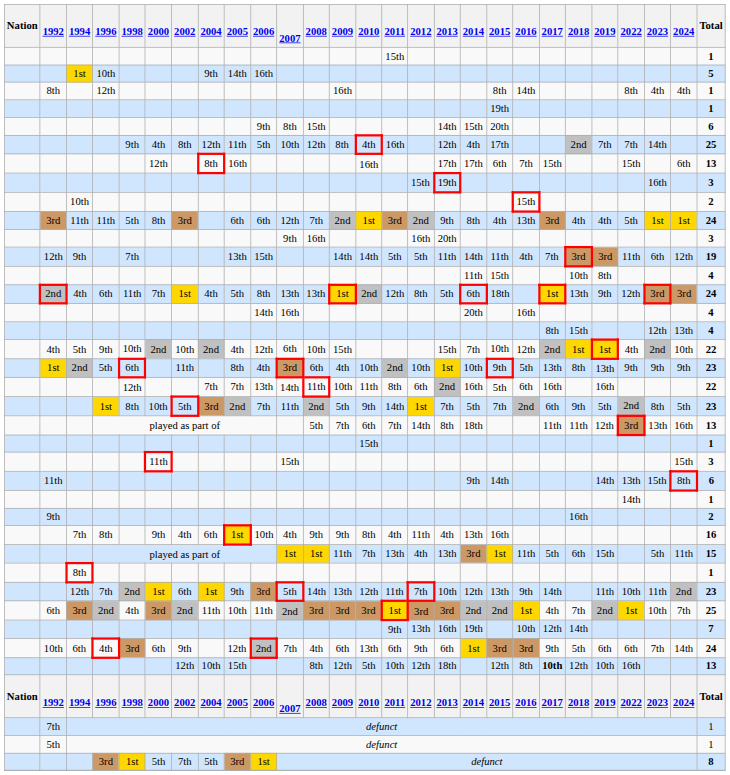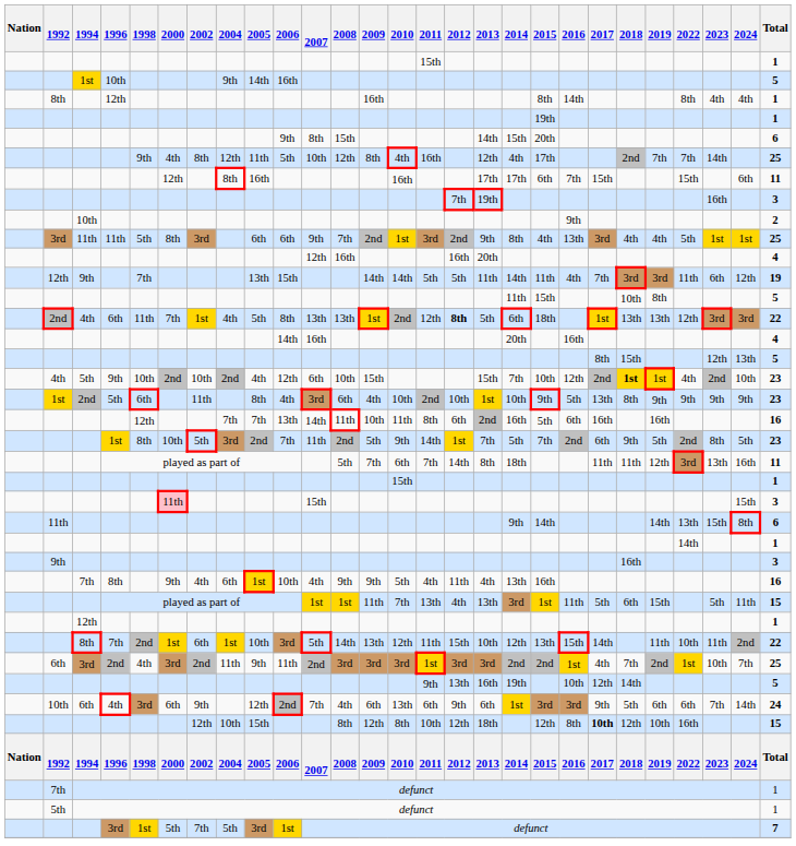 <table class="wikitable" style="text-align:center; font-size:90%">
 <tr>
 <th width=170>Nation</th>
 <th><br><a href='#'>1992</a></th>
 <th><br><a href='#'>1994</a></th>
 <th><br><a href='#'>1996</a></th>
 <th><br><a href='#'>1998</a></th>
 <th><br><a href='#'>2000</a></th>
 <th><br><a href='#'>2002</a></th>
 <th><br><a href='#'>2004</a></th>
 <th><br><a href='#'>2005</a></th>
 <th><br><a href='#'>2006</a></th>
 <th><br><br><a href='#'>2007</a></th>
 <th><br><a href='#'>2008</a></th>
 <th><br><a href='#'>2009</a></th>
 <th><br><a href='#'>2010</a></th>
 <th><br><a href='#'>2011</a></th>
 <th><br><a href='#'>2012</a></th>
 <th><br><a href='#'>2013</a></th>
 <th><br><a href='#'>2014</a></th>
 <th><br><a href='#'>2015</a></th>
 <th><br><a href='#'>2016</a></th>
 <th><br><a href='#'>2017</a></th>
 <th><br><a href='#'>2018</a></th>
 <th><br><a href='#'>2019</a></th>
 <th><br><a href='#'>2022</a></th>
 <th><br><a href='#'>2023</a></th>
 <th><br><a href='#'>2024</a></th>
 <th>Total</th>
 </tr>
 <tr>
 <td align="left"></td>
 <td></td>
 <td></td>
 <td></td>
 <td></td>
 <td></td>
 <td></td>
 <td></td>
 <td></td>
 <td></td>
 <td></td>
 <td></td>
 <td></td>
 <td></td>
 <td>15th</td>
 <td></td>
 <td></td>
 <td></td>
 <td></td>
 <td></td>
 <td></td>
 <td></td>
 <td></td>
 <td></td>
 <td></td>
 <td></td>
 <td><strong>1</strong></td>
 </tr>
 <tr style="background:#D0E6FF;">
 <td align="left"></td>
 <td></td>
 <td bgcolor=gold>1st</td>
 <td>10th</td>
 <td></td>
 <td></td>
 <td></td>
 <td>9th</td>
 <td>14th</td>
 <td>16th</td>
 <td></td>
 <td></td>
 <td></td>
 <td></td>
 <td></td>
 <td></td>
 <td></td>
 <td></td>
 <td></td>
 <td></td>
 <td></td>
 <td></td>
 <td></td>
 <td></td>
 <td></td>
 <td></td>
 <td><strong>5</strong></td>
 </tr>
 <tr>
 <td align="left"></td>
 <td>8th</td>
 <td></td>
 <td>12th</td>
 <td></td>
 <td></td>
 <td></td>
 <td></td>
 <td></td>
 <td></td>
 <td></td>
 <td></td>
 <td>16th</td>
 <td></td>
 <td></td>
 <td></td>
 <td></td>
 <td></td>
 <td>8th</td>
 <td>14th</td>
 <td></td>
 <td></td>
 <td></td>
 <td>8th</td>
 <td>4th</td>
 <td>4th</td>
 <td><strong>1</strong></td>
 </tr>
 <tr style="background:#D0E6FF;">
 <td align="left"></td>
 <td></td>
 <td></td>
 <td></td>
 <td></td>
 <td></td>
 <td></td>
 <td></td>
 <td></td>
 <td></td>
 <td></td>
 <td></td>
 <td></td>
 <td></td>
 <td></td>
 <td></td>
 <td></td>
 <td></td>
 <td>19th</td>
 <td></td>
 <td></td>
 <td></td>
 <td></td>
 <td></td>
 <td></td>
 <td></td>
 <td><strong>1</strong></td>
 </tr>
 <tr>
 <td align="left"></td>
 <td></td>
 <td></td>
 <td></td>
 <td></td>
 <td></td>
 <td></td>
 <td></td>
 <td></td>
 <td>9th</td>
 <td>8th</td>
 <td>15th</td>
 <td></td>
 <td></td>
 <td></td>
 <td></td>
 <td>14th</td>
 <td>15th</td>
 <td>20th</td>
 <td></td>
 <td></td>
 <td></td>
 <td></td>
 <td></td>
 <td></td>
 <td></td>
 <td><strong>6</strong></td>
 </tr>
 <tr style="background:#D0E6FF;">
 <td align="left"></td>
 <td></td>
 <td></td>
 <td></td>
 <td>9th</td>
 <td>4th</td>
 <td>8th</td>
 <td>12th</td>
 <td>11th</td>
 <td>5th</td>
 <td>10th</td>
 <td>12th</td>
 <td>8th</td>
 <td style="border: 3px solid red">4th</td>
 <td>16th</td>
 <td></td>
 <td>12th</td>
 <td>4th</td>
 <td>17th</td>
 <td></td>
 <td></td>
 <td bgcolor=silver>2nd</td>
 <td>7th</td>
 <td>7th</td>
 <td>14th</td>
 <td></td>
 <td><strong>25</strong></td>
 </tr>
 <tr>
 <td align="left"></td>
 <td></td>
 <td></td>
 <td></td>
 <td></td>
 <td>12th</td>
 <td></td>
 <td style="border: 3px solid red">8th</td>
 <td>16th</td>
 <td></td>
 <td></td>
 <td></td>
 <td></td>
 <td>16th</td>
 <td></td>
 <td></td>
 <td>17th</td>
 <td>17th</td>
 <td>6th</td>
 <td>7th</td>
 <td>15th</td>
 <td></td>
 <td></td>
 <td>15th</td>
 <td></td>
 <td>6th</td>
-<td><strong>13</strong></td>
+<td><strong>11</strong></td>
 </tr>
 <tr style="background:#D0E6FF;">
 <td align="left"></td>
 <td></td>
 <td></td>
 <td></td>
 <td></td>
 <td></td>
 <td></td>
 <td></td>
 <td></td>
 <td></td>
 <td></td>
 <td></td>
 <td></td>
 <td></td>
 <td></td>
-<td>15th</td>
+<td style="border: 3px solid red">7th</td>
 <td style="border: 3px solid red">19th</td>
 <td></td>
 <td></td>
 <td></td>
 <td></td>
 <td></td>
 <td></td>
 <td></td>
 <td>16th</td>
 <td></td>
 <td><strong>3</strong></td>
 </tr>
 <tr>
 <td align="left"></td>
 <td></td>
 <td>10th</td>
 <td></td>
 <td></td>
 <td></td>
 <td></td>
 <td></td>
 <td></td>
 <td></td>
 <td></td>
 <td></td>
 <td></td>
 <td></td>
 <td></td>
 <td></td>
 <td></td>
 <td></td>
 <td></td>
-<td style="border: 3px solid red">15th</td>
+<td>9th</td>
 <td></td>
 <td></td>
 <td></td>
 <td></td>
 <td></td>
 <td></td>
 <td><strong>2</strong></td>
 </tr>
 <tr style="background:#D0E6FF;">
 <td align="left"></td>
 <td bgcolor="#cc9966">3rd</td>
 <td>11th</td>
 <td>11th</td>
 <td>5th</td>
 <td>8th</td>
 <td bgcolor="#cc9966">3rd</td>
 <td></td>
 <td>6th</td>
 <td>6th</td>
-<td>12th</td>
+<td>9th</td>
 <td>7th</td>
 <td bgcolor=silver>2nd</td>
 <td bgcolor="gold">1st</td>
 <td bgcolor="#cc9966">3rd</td>
 <td bgcolor=silver>2nd</td>
 <td>9th</td>
 <td>8th</td>
 <td>4th</td>
 <td>13th</td>
 <td bgcolor="#cc9966">3rd</td>
 <td>4th</td>
 <td>4th</td>
 <td>5th</td>
 <td bgcolor="gold">1st</td>
 <td bgcolor="gold">1st</td>
-<td><strong>24</strong></td>
+<td><strong>25</strong></td>
 </tr>
 <tr>
 <td align="left"></td>
 <td></td>
 <td></td>
 <td></td>
 <td></td>
 <td></td>
 <td></td>
 <td></td>
 <td></td>
 <td></td>
-<td>9th</td>
+<td>12th</td>
 <td>16th</td>
 <td></td>
 <td></td>
 <td></td>
 <td>16th</td>
 <td>20th</td>
 <td></td>
 <td></td>
 <td></td>
 <td></td>
 <td></td>
 <td></td>
 <td></td>
 <td></td>
 <td></td>
-<td><strong>3</strong></td>
+<td><strong>4</strong></td>
 </tr>
 <tr style="background:#D0E6FF;">
 <td align="left"></td>
 <td>12th</td>
 <td>9th</td>
 <td></td>
 <td>7th</td>
 <td></td>
 <td></td>
 <td></td>
 <td>13th</td>
 <td>15th</td>
 <td></td>
 <td></td>
 <td>14th</td>
 <td>14th</td>
 <td>5th</td>
 <td>5th</td>
 <td>11th</td>
 <td>14th</td>
 <td>11th</td>
 <td>4th</td>
 <td>7th</td>
 <td style="border: 3px solid red" bgcolor="#cc9966">3rd</td>
 <td bgcolor="#cc9966">3rd</td>
 <td>11th</td>
 <td>6th</td>
 <td>12th</td>
 <td><strong>19</strong></td>
 </tr>
 <tr>
 <td align="left"></td>
 <td></td>
 <td></td>
 <td></td>
 <td></td>
 <td></td>
 <td></td>
 <td></td>
 <td></td>
 <td></td>
 <td></td>
 <td></td>
 <td></td>
 <td></td>
 <td></td>
 <td></td>
 <td></td>
 <td>11th</td>
 <td>15th</td>
 <td></td>
 <td></td>
 <td>10th</td>
 <td>8th</td>
 <td></td>
 <td></td>
 <td></td>
-<td><strong>4</strong></td>
+<td><strong>5</strong></td>
 </tr>
 <tr style="background:#D0E6FF;">
 <td align="left"></td>
 <td style="border: 3px solid red" bgcolor=silver>2nd</td>
 <td>4th</td>
 <td>6th</td>
 <td>11th</td>
 <td>7th</td>
 <td bgcolor=gold>1st</td>
 <td>4th</td>
 <td>5th</td>
 <td>8th</td>
 <td>13th</td>
 <td>13th</td>
 <td style="border: 3px solid red" bgcolor="gold">1st</td>
 <td bgcolor=silver>2nd</td>
 <td>12th</td>
-<td>8th</td>
+<td><strong>8th</strong></td>
 <td>5th</td>
 <td style="border: 3px solid red">6th</td>
 <td>18th</td>
 <td></td>
 <td style="border: 3px solid red" bgcolor=gold>1st</td>
 <td>13th</td>
-<td>9th</td>
+<td>13th</td>
 <td>12th</td>
 <td style="border: 3px solid red" bgcolor="#cc9966">3rd</td>
 <td bgcolor="#cc9966">3rd</td>
-<td><strong>24</strong></td>
+<td><strong>22</strong></td>
 </tr>
 <tr>
 <td align="left"></td>
 <td></td>
 <td></td>
 <td></td>
 <td></td>
 <td></td>
 <td></td>
 <td></td>
 <td></td>
 <td>14th</td>
 <td>16th</td>
 <td></td>
 <td></td>
 <td></td>
 <td></td>
 <td></td>
 <td></td>
 <td>20th</td>
 <td></td>
 <td>16th</td>
 <td></td>
 <td></td>
 <td></td>
 <td></td>
 <td></td>
 <td></td>
 <td><strong>4</strong></td>
 </tr>
 <tr style="background:#D0E6FF;">
 <td align="left"></td>
 <td></td>
 <td></td>
 <td></td>
 <td></td>
 <td></td>
 <td></td>
 <td></td>
 <td></td>
 <td></td>
 <td></td>
 <td></td>
 <td></td>
 <td></td>
 <td></td>
 <td></td>
 <td></td>
 <td></td>
 <td></td>
 <td></td>
 <td>8th</td>
 <td>15th</td>
 <td></td>
 <td></td>
 <td>12th</td>
 <td>13th</td>
-<td><strong>4</strong></td>
+<td><strong>5</strong></td>
 </tr>
 <tr>
 <td align="left"></td>
 <td>4th</td>
 <td>5th</td>
 <td>9th</td>
 <td>10th</td>
 <td bgcolor=silver>2nd</td>
 <td>10th</td>
 <td bgcolor=silver>2nd</td>
 <td>4th</td>
 <td>12th</td>
 <td>6th</td>
 <td>10th</td>
 <td>15th</td>
 <td></td>
 <td></td>
 <td></td>
 <td>15th</td>
 <td>7th</td>
 <td>10th</td>
 <td>12th</td>
 <td bgcolor=silver>2nd</td>
-<td bgcolor=gold>1st</td>
+<td bgcolor=gold><strong>1st</strong></td>
 <td style="border: 3px solid red" bgcolor=gold>1st</td>
 <td>4th</td>
 <td bgcolor=silver>2nd</td>
 <td>10th</td>
-<td><strong>22</strong></td>
+<td><strong>23</strong></td>
 </tr>
 <tr style="background:#D0E6FF;">
 <td align="left"></td>
 <td bgcolor="gold">1st</td>
 <td bgcolor=silver>2nd</td>
 <td>5th</td>
 <td style="border: 3px solid red">6th</td>
 <td></td>
 <td>11th</td>
 <td></td>
 <td>8th</td>
 <td>4th</td>
 <td style="border: 3px solid red" bgcolor="#cc9966">3rd</td>
 <td>6th</td>
 <td>4th</td>
 <td>10th</td>
 <td bgcolor=silver>2nd</td>
 <td>10th</td>
 <td bgcolor="gold">1st</td>
 <td>10th</td>
 <td style="border: 3px solid red">9th</td>
 <td>5th</td>
 <td>13th</td>
 <td>8th</td>
-<td>13th</td>
+<td>9th</td>
 <td>9th</td>
 <td>9th</td>
 <td>9th</td>
 <td><strong>23</strong></td>
 </tr>
 <tr>
 <td align="left"></td>
 <td></td>
 <td></td>
 <td></td>
 <td>12th</td>
 <td></td>
 <td></td>
 <td>7th</td>
 <td>7th</td>
 <td>13th</td>
 <td>14th</td>
 <td style="border: 3px solid red">11th</td>
 <td>10th</td>
 <td>11th</td>
 <td>8th</td>
 <td>6th</td>
 <td bgcolor=silver>2nd</td>
 <td>16th</td>
 <td>5th</td>
 <td>6th</td>
 <td>16th</td>
 <td></td>
 <td>16th</td>
 <td></td>
 <td></td>
 <td></td>
-<td><strong>22</strong></td>
+<td><strong>16</strong></td>
 </tr>
 <tr style="background:#D0E6FF;">
 <td align="left"></td>
 <td></td>
 <td></td>
 <td bgcolor="gold">1st</td>
 <td>8th</td>
 <td>10th</td>
 <td style="border: 3px solid red">5th</td>
 <td bgcolor="#cc9966">3rd</td>
 <td bgcolor=silver>2nd</td>
 <td>7th</td>
 <td>11th</td>
 <td bgcolor=silver>2nd</td>
 <td>5th</td>
 <td>9th</td>
 <td>14th</td>
 <td bgcolor="gold">1st</td>
 <td>7th</td>
 <td>5th</td>
 <td>7th</td>
 <td bgcolor=silver>2nd</td>
 <td>6th</td>
 <td>9th</td>
 <td>5th</td>
 <td bgcolor=silver>2nd</td>
 <td>8th</td>
 <td>5th</td>
 <td><strong>23</strong></td>
 </tr>
 <tr>
 <td align="left"></td>
 <td></td>
 <td></td>
 <td colspan="7">played as part of </td>
 <td></td>
 <td>5th</td>
 <td>7th</td>
 <td>6th</td>
 <td>7th</td>
 <td>14th</td>
 <td>8th</td>
 <td>18th</td>
 <td></td>
 <td></td>
 <td>11th</td>
 <td>11th</td>
 <td>12th</td>
 <td style="border: 3px solid red" bgcolor="#cc9966">3rd</td>
 <td>13th</td>
 <td>16th</td>
-<td><strong>13</strong></td>
+<td><strong>11</strong></td>
 </tr>
 <tr style="background:#D0E6FF;">
 <td align="left"></td>
 <td></td>
 <td></td>
 <td></td>
 <td></td>
 <td></td>
 <td></td>
 <td></td>
 <td></td>
 <td></td>
 <td></td>
 <td></td>
 <td></td>
 <td>15th</td>
 <td></td>
 <td></td>
 <td></td>
 <td></td>
 <td></td>
 <td></td>
 <td></td>
 <td></td>
 <td></td>
 <td></td>
 <td></td>
 <td></td>
 <td><strong>1</strong></td>
 </tr>
 <tr>
 <td align="left"></td>
 <td></td>
 <td></td>
 <td></td>
 <td></td>
-<td style="border: 3px solid red">11th</td>
+<td style="background: pink; border: 3px solid red">11th</td>
 <td></td>
 <td></td>
 <td></td>
 <td></td>
 <td>15th</td>
 <td></td>
 <td></td>
 <td></td>
 <td></td>
 <td></td>
 <td></td>
 <td></td>
 <td></td>
 <td></td>
 <td></td>
 <td></td>
 <td></td>
 <td></td>
 <td></td>
 <td>15th</td>
 <td><strong>3</strong></td>
 </tr>
 <tr style="background:#D0E6FF;">
 <td align="left"></td>
 <td>11th</td>
 <td></td>
 <td></td>
 <td></td>
 <td></td>
 <td></td>
 <td></td>
 <td></td>
 <td></td>
 <td></td>
 <td></td>
 <td></td>
 <td></td>
 <td></td>
 <td></td>
 <td></td>
 <td>9th</td>
 <td>14th</td>
 <td></td>
 <td></td>
 <td></td>
 <td>14th</td>
 <td>13th</td>
 <td>15th</td>
 <td style="border: 3px solid red">8th</td>
 <td><strong>6</strong></td>
 </tr>
 <tr>
 <td align="left"></td>
 <td></td>
 <td></td>
 <td></td>
 <td></td>
 <td></td>
 <td></td>
 <td></td>
 <td></td>
 <td></td>
 <td></td>
 <td></td>
 <td></td>
 <td></td>
 <td></td>
 <td></td>
 <td></td>
 <td></td>
 <td></td>
 <td></td>
 <td></td>
 <td></td>
 <td></td>
 <td>14th</td>
 <td></td>
 <td></td>
 <td><strong>1</strong></td>
 </tr>
 <tr style="background:#D0E6FF;">
 <td align="left"></td>
 <td>9th</td>
 <td></td>
 <td></td>
 <td></td>
 <td></td>
 <td></td>
 <td></td>
 <td></td>
 <td></td>
 <td></td>
 <td></td>
 <td></td>
 <td></td>
 <td></td>
 <td></td>
 <td></td>
 <td></td>
 <td></td>
 <td></td>
 <td></td>
 <td>16th</td>
 <td></td>
 <td></td>
 <td></td>
 <td></td>
-<td><strong>2</strong></td>
+<td><strong>3</strong></td>
 </tr>
 <tr>
 <td align="left"></td>
 <td></td>
 <td>7th</td>
 <td>8th</td>
 <td></td>
 <td>9th</td>
 <td>4th</td>
 <td>6th</td>
 <td style="border: 3px solid red" bgcolor=gold>1st</td>
 <td>10th</td>
 <td>4th</td>
 <td>9th</td>
 <td>9th</td>
-<td>8th</td>
+<td>5th</td>
 <td>4th</td>
 <td>11th</td>
 <td>4th</td>
 <td>13th</td>
 <td>16th</td>
 <td></td>
 <td></td>
 <td></td>
 <td></td>
 <td></td>
 <td></td>
 <td></td>
 <td><strong>16</strong></td>
 </tr>
 <tr style="background:#D0E6FF;">
 <td align="left"></td>
 <td></td>
 <td></td>
 <td colspan="7">played as part of </td>
 <td bgcolor="gold">1st</td>
 <td bgcolor="gold">1st</td>
 <td>11th</td>
 <td>7th</td>
 <td>13th</td>
 <td>4th</td>
 <td>13th</td>
 <td bgcolor="#cc9966">3rd</td>
 <td bgcolor=gold>1st</td>
 <td>11th</td>
 <td>5th</td>
 <td>6th</td>
 <td>15th</td>
 <td></td>
 <td>5th</td>
 <td>11th</td>
 <td><strong>15</strong></td>
 </tr>
 <tr>
 <td align="left"></td>
 <td></td>
-<td style="border: 3px solid red">8th</td>
+<td>12th</td>
 <td></td>
 <td></td>
 <td></td>
 <td></td>
 <td></td>
 <td></td>
 <td></td>
 <td></td>
 <td></td>
 <td></td>
 <td></td>
 <td></td>
 <td></td>
 <td></td>
 <td></td>
 <td></td>
 <td></td>
 <td></td>
 <td></td>
 <td></td>
 <td></td>
 <td></td>
 <td></td>
 <td><strong>1</strong></td>
 </tr>
 <tr style="background:#D0E6FF;">
 <td align="left"></td>
 <td></td>
-<td>12th</td>
+<td style="border: 3px solid red">8th</td>
 <td>7th</td>
 <td bgcolor=silver>2nd</td>
 <td bgcolor="gold">1st</td>
 <td>6th</td>
 <td bgcolor="gold">1st</td>
-<td>9th</td>
+<td>10th</td>
 <td bgcolor="#cc9966">3rd</td>
 <td style="border: 3px solid red">5th</td>
 <td>14th</td>
 <td>13th</td>
 <td>12th</td>
 <td>11th</td>
-<td style="border: 3px solid red">7th</td>
+<td>15th</td>
 <td>10th</td>
 <td>12th</td>
 <td>13th</td>
-<td>9th</td>
+<td style="border: 3px solid red">15th</td>
 <td>14th</td>
 <td></td>
 <td>11th</td>
 <td>10th</td>
 <td>11th</td>
 <td bgcolor=silver>2nd</td>
-<td><strong>23</strong></td>
+<td><strong>22</strong></td>
 </tr>
 <tr>
 <td align="left"></td>
 <td>6th</td>
 <td bgcolor="#cc9966">3rd</td>
 <td bgcolor=silver>2nd</td>
 <td>4th</td>
 <td bgcolor="#cc9966">3rd</td>
 <td bgcolor=silver>2nd</td>
 <td>11th</td>
-<td>10th</td>
+<td>9th</td>
 <td>11th</td>
 <td bgcolor=silver>2nd</td>
 <td bgcolor="#cc9966">3rd</td>
 <td bgcolor="#cc9966">3rd</td>
 <td bgcolor="#cc9966">3rd</td>
 <td style="border: 3px solid red" bgcolor="gold">1st</td>
 <td bgcolor="#cc9966">3rd</td>
 <td bgcolor="#cc9966">3rd</td>
 <td bgcolor=silver>2nd</td>
 <td bgcolor=silver>2nd</td>
 <td bgcolor=gold>1st</td>
 <td>4th</td>
 <td>7th</td>
 <td bgcolor=silver>2nd</td>
 <td bgcolor=gold>1st</td>
 <td>10th</td>
 <td>7th</td>
 <td><strong>25</strong></td>
 </tr>
 <tr style="background:#D0E6FF;">
 <td align="left"></td>
 <td></td>
 <td></td>
 <td></td>
 <td></td>
 <td></td>
 <td></td>
 <td></td>
 <td></td>
 <td></td>
 <td></td>
 <td></td>
 <td></td>
 <td></td>
 <td>9th</td>
 <td>13th</td>
 <td>16th</td>
 <td>19th</td>
 <td></td>
 <td>10th</td>
 <td>12th</td>
 <td>14th</td>
 <td></td>
 <td></td>
 <td></td>
 <td></td>
-<td><strong>7</strong></td>
+<td><strong>5</strong></td>
 </tr>
 <tr>
 <td align="left"></td>
 <td>10th</td>
 <td>6th</td>
 <td style="border: 3px solid red">4th</td>
 <td bgcolor="#cc9966">3rd</td>
 <td>6th</td>
 <td>9th</td>
 <td></td>
 <td>12th</td>
 <td style="border: 3px solid red" bgcolor=silver>2nd</td>
 <td>7th</td>
 <td>4th</td>
 <td>6th</td>
 <td>13th</td>
 <td>6th</td>
 <td>9th</td>
 <td>6th</td>
 <td bgcolor=gold>1st</td>
 <td bgcolor="#cc9966">3rd</td>
 <td bgcolor="#cc9966">3rd</td>
 <td>9th</td>
 <td>5th</td>
 <td>6th</td>
 <td>6th</td>
 <td>7th</td>
 <td>14th</td>
 <td><strong>24</strong></td>
 </tr>
 <tr style="background:#D0E6FF;">
 <td align="left"></td>
 <td></td>
 <td></td>
 <td></td>
 <td></td>
 <td></td>
 <td>12th</td>
 <td>10th</td>
 <td>15th</td>
 <td></td>
 <td></td>
 <td>8th</td>
 <td>12th</td>
-<td>5th</td>
+<td>8th</td>
 <td>10th</td>
 <td>12th</td>
 <td>18th</td>
 <td></td>
 <td>12th</td>
 <td>8th</td>
 <td><strong>10th</strong></td>
 <td>12th</td>
 <td>10th</td>
 <td>16th</td>
 <td></td>
 <td></td>
-<td><strong>13</strong></td>
+<td><strong>15</strong></td>
 </tr>
 <tr>
 <th>Nation</th>
 <th><br><a href='#'>1992</a></th>
 <th><br><a href='#'>1994</a></th>
 <th><br><a href='#'>1996</a></th>
 <th><br><a href='#'>1998</a></th>
 <th><br><a href='#'>2000</a></th>
 <th><br><a href='#'>2002</a></th>
 <th><br><a href='#'>2004</a></th>
 <th><br><a href='#'>2005</a></th>
 <th><br><a href='#'>2006</a></th>
 <th><br><br><a href='#'>2007</a></th>
 <th><br><a href='#'>2008</a></th>
 <th><br><a href='#'>2009</a></th>
 <th><br><a href='#'>2010</a></th>
 <th><br><a href='#'>2011</a></th>
 <th><br><a href='#'>2012</a></th>
 <th><br><a href='#'>2013</a></th>
 <th><br><a href='#'>2014</a></th>
 <th><br><a href='#'>2015</a></th>
 <th><br><a href='#'>2016</a></th>
 <th><br><a href='#'>2017</a></th>
 <th><br><a href='#'>2018</a></th>
 <th><br><a href='#'>2019</a></th>
 <th><br><a href='#'>2022</a></th>
 <th><br><a href='#'>2023</a></th>
 <th><br><a href='#'>2024</a></th>
 <th>Total</th>
 </tr>
 <tr style="background:#D0E6FF;">
 <td align="left"><em></em></td>
 <td>7th</td>
 <td colspan="24"><em>defunct</em></td>
 <td>1</td>
 </tr>
 <tr>
 <td align="left"><em></em></td>
 <td>5th</td>
 <td colspan="24"><em>defunct</em></td>
 <td>1</td>
 </tr>
 <tr style="background:#D0E6FF;">
 <td align="left"><em></em></td>
 <td></td>
 <td></td>
 <td bgcolor="#cc9966">3rd</td>
 <td bgcolor="gold">1st</td>
 <td>5th</td>
 <td>7th</td>
 <td>5th</td>
 <td bgcolor="#cc9966">3rd</td>
 <td bgcolor="gold">1st</td>
 <td colspan="16"><em>defunct</em></td>
-<td><strong>8</strong></td>
+<td><strong>7</strong></td>
 </tr>
 <tr>
 </tr>
 </table>
